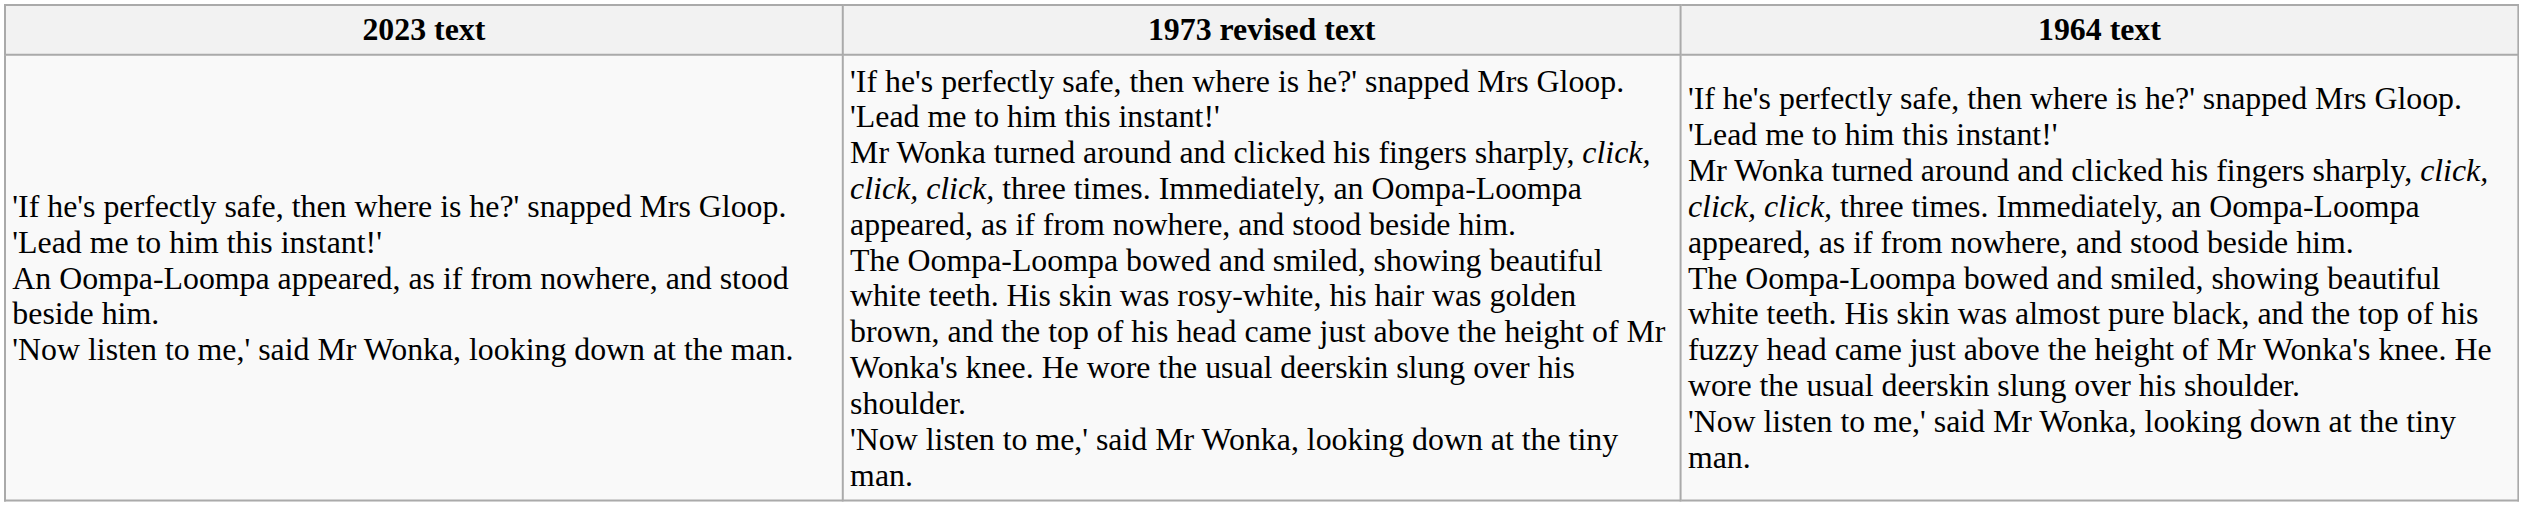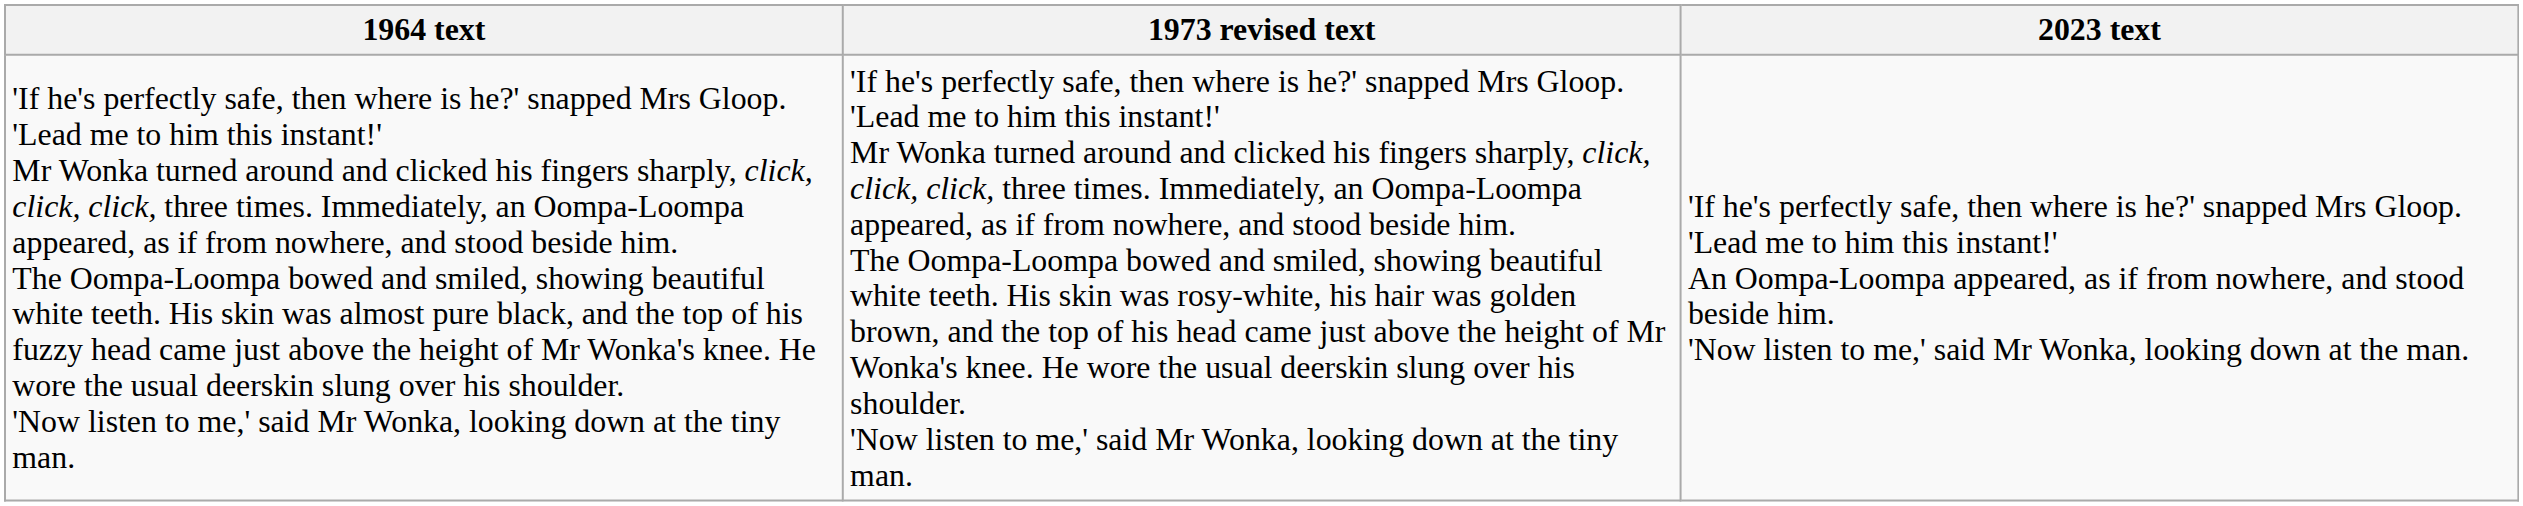 <table style="margin:auto;"  class="wikitable">
 <tr>
+<th style="width: 33%;">1964 text</th>
+<th style="width: 33%;">1973 revised text</th>
 <th style="width: 33%;">2023 text</th>
-<th style="width: 33%;">1973 revised text</th>
-<th style="width: 33%;">1964 text</th>
 </tr>
 <tr>
+<td>'If he's perfectly safe, then where is he?' snapped Mrs Gloop. 'Lead me to him this instant!'<br>Mr Wonka turned around and clicked his fingers sharply, <em>click, click, click,</em> three times. Immediately, an Oompa-Loompa appeared, as if from nowhere, and stood beside him.<br>The Oompa-Loompa bowed and smiled, showing beautiful white teeth. His skin was almost pure black, and the top of his fuzzy head came just above the height of Mr Wonka's knee. He wore the usual deerskin slung over his shoulder.<br>'Now listen to me,' said Mr Wonka, looking down at the tiny man.</td>
+<td>'If he's perfectly safe, then where is he?' snapped Mrs Gloop. 'Lead me to him this instant!'<br>Mr Wonka turned around and clicked his fingers sharply, <em>click, click, click,</em> three times. Immediately, an Oompa-Loompa appeared, as if from nowhere, and stood beside him.<br>The Oompa-Loompa bowed and smiled, showing beautiful white teeth. His skin was rosy-white, his hair was golden brown, and the top of his head came just above the height of Mr Wonka's knee. He wore the usual deerskin slung over his shoulder.<br>'Now listen to me,' said Mr Wonka, looking down at the tiny man.</td>
 <td>'If he's perfectly safe, then where is he?' snapped Mrs Gloop. 'Lead me to him this instant!'<br>An Oompa-Loompa appeared, as if from nowhere, and stood beside him.<br>'Now listen to me,' said Mr Wonka, looking down at the man.</td>
-<td>'If he's perfectly safe, then where is he?' snapped Mrs Gloop. 'Lead me to him this instant!'<br>Mr Wonka turned around and clicked his fingers sharply, <em>click, click, click,</em> three times. Immediately, an Oompa-Loompa appeared, as if from nowhere, and stood beside him.<br>The Oompa-Loompa bowed and smiled, showing beautiful white teeth. His skin was rosy-white, his hair was golden brown, and the top of his head came just above the height of Mr Wonka's knee. He wore the usual deerskin slung over his shoulder.<br>'Now listen to me,' said Mr Wonka, looking down at the tiny man.</td>
-<td>'If he's perfectly safe, then where is he?' snapped Mrs Gloop. 'Lead me to him this instant!'<br>Mr Wonka turned around and clicked his fingers sharply, <em>click, click, click,</em> three times. Immediately, an Oompa-Loompa appeared, as if from nowhere, and stood beside him.<br>The Oompa-Loompa bowed and smiled, showing beautiful white teeth. His skin was almost pure black, and the top of his fuzzy head came just above the height of Mr Wonka's knee. He wore the usual deerskin slung over his shoulder.<br>'Now listen to me,' said Mr Wonka, looking down at the tiny man.</td>
 </tr>
 </table>
